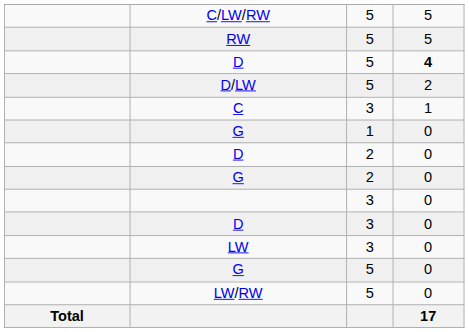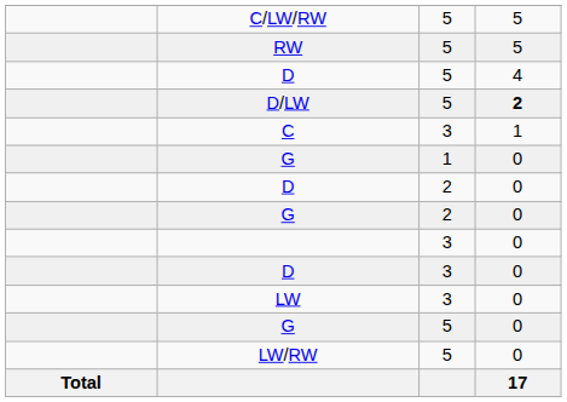 <table class="wikitable sortable" width ="40%">
 <tr align="center">
 </tr>
 <tr align="center" bgcolor="">
 <td></td>
 <td><a href='#'>C</a>/<a href='#'>LW</a>/<a href='#'>RW</a></td>
 <td>5</td>
 <td>5</td>
 </tr>
 <tr align="center" bgcolor="f0f0f0">
 <td></td>
 <td><a href='#'>RW</a></td>
 <td>5</td>
 <td>5</td>
 </tr>
 <tr align="center" bgcolor="">
 <td></td>
 <td><a href='#'>D</a></td>
 <td>5</td>
-<td><strong>4</strong></td>
+<td>4</td>
 </tr>
 <tr align="center" bgcolor="f0f0f0">
 <td></td>
 <td><a href='#'>D</a>/<a href='#'>LW</a></td>
 <td>5</td>
-<td>2</td>
+<td><strong>2</strong></td>
 </tr>
 <tr align="center" bgcolor="">
 <td></td>
 <td><a href='#'>C</a></td>
 <td>3</td>
 <td>1</td>
 </tr>
 <tr align="center" bgcolor="f0f0f0">
 <td></td>
 <td><a href='#'>G</a></td>
 <td>1</td>
 <td>0</td>
 </tr>
 <tr align="center" bgcolor="">
 <td></td>
 <td><a href='#'>D</a></td>
 <td>2</td>
 <td>0</td>
 </tr>
 <tr align="center" bgcolor="f0f0f0">
 <td></td>
 <td><a href='#'>G</a></td>
 <td>2</td>
 <td>0</td>
 </tr>
 <tr align="center" bgcolor="">
 <td></td>
 <td></td>
 <td>3</td>
 <td>0</td>
 </tr>
 <tr align="center" bgcolor="f0f0f0">
 <td></td>
 <td><a href='#'>D</a></td>
 <td>3</td>
 <td>0</td>
 </tr>
 <tr align="center" bgcolor="">
 <td></td>
 <td><a href='#'>LW</a></td>
 <td>3</td>
 <td>0</td>
 </tr>
 <tr align="center" bgcolor="f0f0f0">
 <td></td>
 <td><a href='#'>G</a></td>
 <td>5</td>
 <td>0</td>
 </tr>
 <tr align="center" bgcolor="">
 <td></td>
 <td><a href='#'>LW</a>/<a href='#'>RW</a></td>
 <td>5</td>
 <td>0</td>
 </tr>
 <tr>
 <th>Total</th>
 <th></th>
 <th></th>
 <th>17</th>
 </tr>
 </table>
